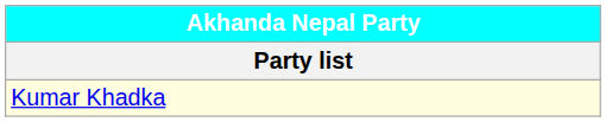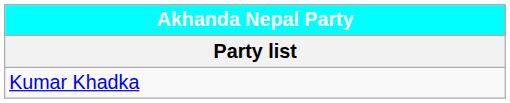 <table class="wikitable mw-collapsible mw-collapsed" role="presentation">
 <tr>
 <th style="width: 300pt; background:aqua; color: white;">Akhanda Nepal Party</th>
 </tr>
 <tr>
 <th>Party list</th>
 </tr>
 <tr>
-<td style="background: lightyellow;"><a href='#'>Kumar Khadka</a></td>
+<td><a href='#'>Kumar Khadka</a></td>
 </tr>
 </table>
